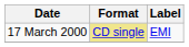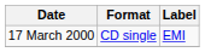 <table class="wikitable plainrowheaders">
 <tr>
 <th>Date</th>
 <th>Format</th>
 <th>Label</th>
 </tr>
 <tr>
 <td>17 March 2000</td>
-<td style="background: khaki;"><a href='#'>CD single</a></td>
+<td><a href='#'>CD single</a></td>
 <td><a href='#'>EMI</a></td>
 </tr>
 <tr>
 </tr>
 </table>
